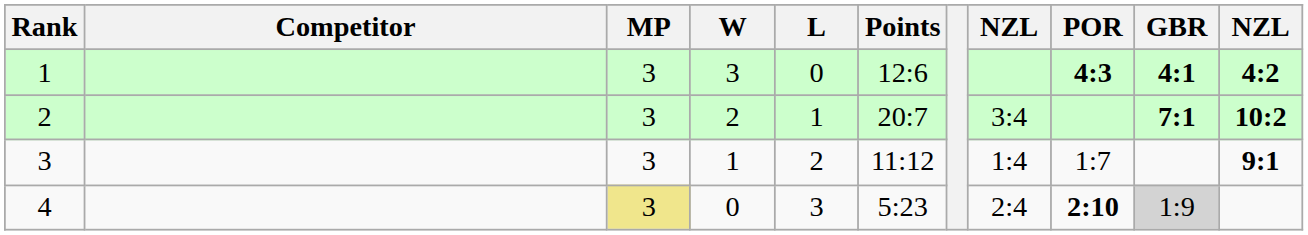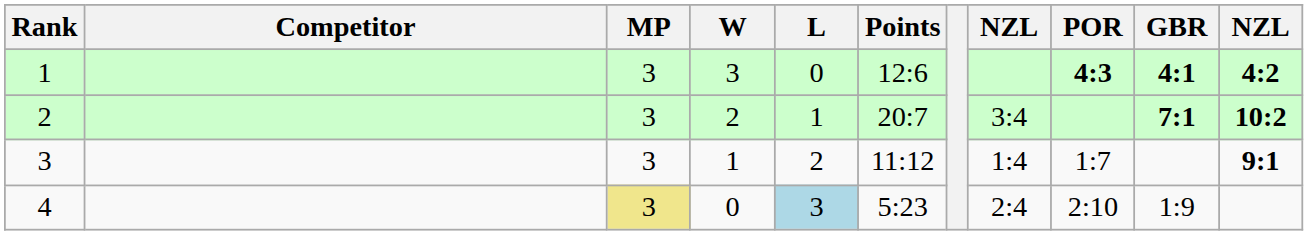 <table class="wikitable" style="text-align:center">
 <tr>
 <th>Rank</th>
 <th style="width:18em">Competitor</th>
 <th style="width:2.5em">MP</th>
 <th style="width:2.5em">W</th>
 <th style="width:2.5em">L</th>
 <th>Points</th>
 <th rowspan="5"> </th>
 <th style="width:2.5em">NZL</th>
 <th style="width:2.5em">POR</th>
 <th style="width:2.5em">GBR</th>
 <th style="width:2.5em">NZL</th>
 </tr>
 <tr style="background:#cfc;">
 <td>1</td>
 <td style="text-align:left"></td>
 <td>3</td>
 <td>3</td>
 <td>0</td>
 <td>12:6</td>
 <td></td>
 <td><strong>4:3</strong></td>
 <td><strong>4:1</strong></td>
 <td><strong>4:2</strong></td>
 </tr>
 <tr style="background:#cfc;">
 <td>2</td>
 <td style="text-align:left"></td>
 <td>3</td>
 <td>2</td>
 <td>1</td>
 <td>20:7</td>
 <td>3:4</td>
 <td></td>
 <td><strong>7:1</strong></td>
 <td><strong>10:2</strong></td>
 </tr>
 <tr>
 <td>3</td>
 <td style="text-align:left"></td>
 <td>3</td>
 <td>1</td>
 <td>2</td>
 <td>11:12</td>
 <td>1:4</td>
 <td>1:7</td>
 <td></td>
 <td><strong>9:1</strong></td>
 </tr>
 <tr>
 <td>4</td>
 <td style="text-align:left"></td>
 <td style="background: khaki;">3</td>
 <td>0</td>
-<td>3</td>
+<td style="background: lightblue;">3</td>
 <td>5:23</td>
 <td>2:4</td>
-<td><strong>2:10</strong></td>
-<td style="background: lightgrey;">1:9</td>
+<td>2:10</td>
+<td>1:9</td>
 <td></td>
 </tr>
 </table>
